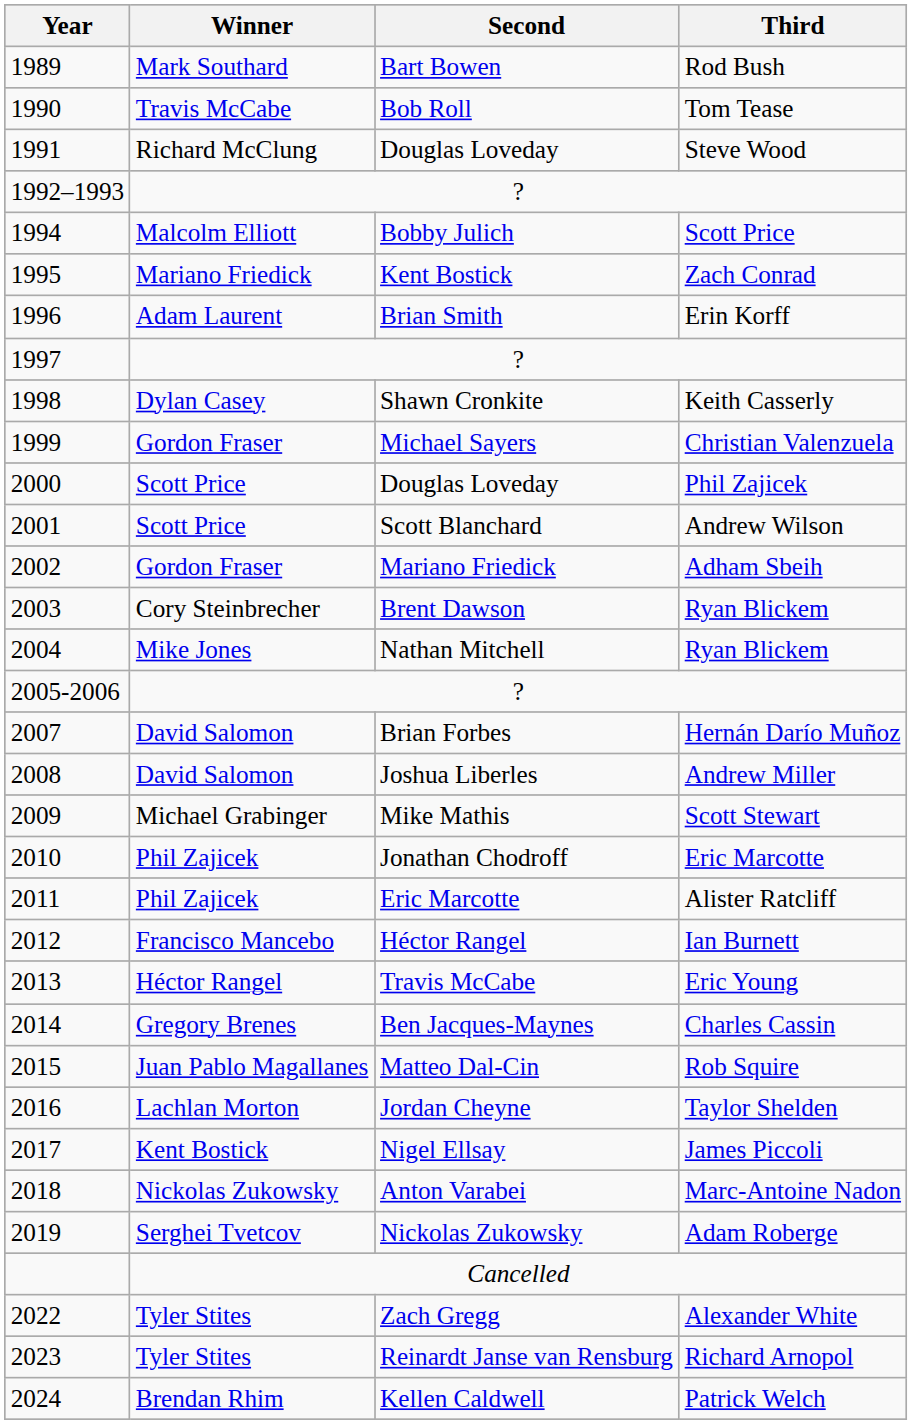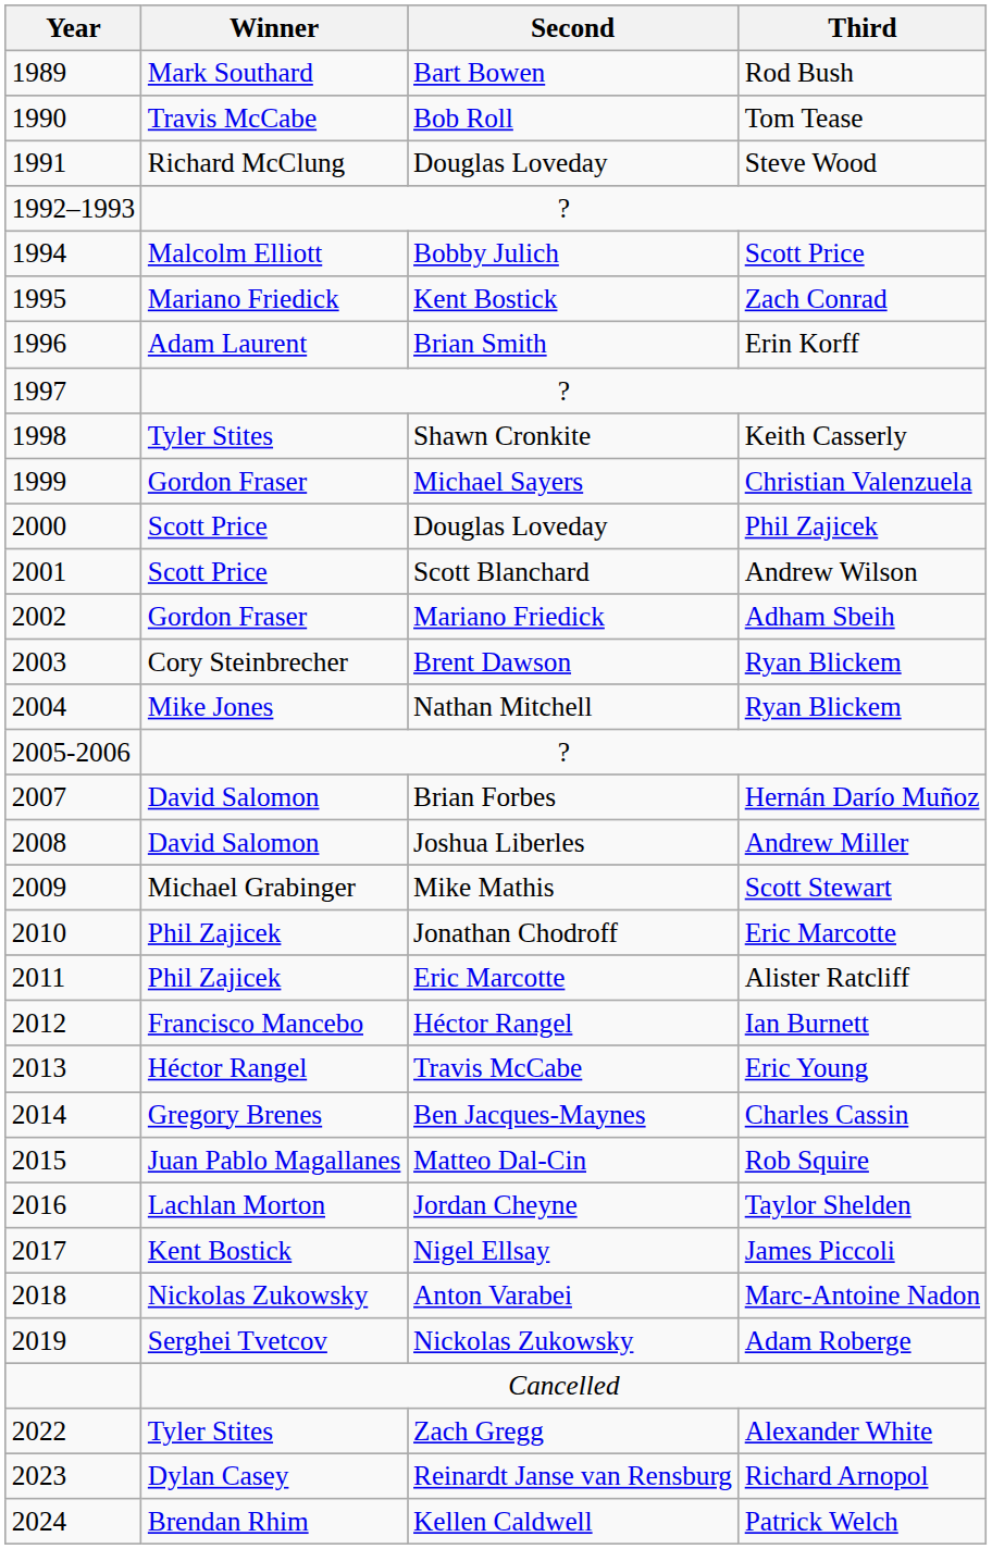 <table class="wikitable sortable" style="font-size:95%">
 <tr>
 <th>Year</th>
 <th>Winner</th>
 <th>Second</th>
 <th>Third</th>
 </tr>
 <tr>
 <td>1989</td>
 <td> <a href='#'>Mark Southard</a></td>
 <td> <a href='#'>Bart Bowen</a></td>
 <td> Rod Bush</td>
 </tr>
 <tr>
 <td>1990</td>
 <td> <a href='#'>Travis McCabe</a></td>
 <td> <a href='#'>Bob Roll</a></td>
 <td> Tom Tease</td>
 </tr>
 <tr>
 <td>1991</td>
 <td> Richard McClung</td>
 <td> Douglas Loveday</td>
 <td> Steve Wood</td>
 </tr>
 <tr>
 <td>1992–1993</td>
 <td colspan=3 align=center>?</td>
 </tr>
 <tr>
 <td>1994</td>
 <td> <a href='#'>Malcolm Elliott</a></td>
 <td> <a href='#'>Bobby Julich</a></td>
 <td> <a href='#'>Scott Price</a></td>
 </tr>
 <tr>
 <td>1995</td>
 <td> <a href='#'>Mariano Friedick</a></td>
 <td> <a href='#'>Kent Bostick</a></td>
 <td> <a href='#'>Zach Conrad</a></td>
 </tr>
 <tr>
 <td>1996</td>
 <td> <a href='#'>Adam Laurent</a></td>
 <td> <a href='#'>Brian Smith</a></td>
 <td> Erin Korff</td>
 </tr>
 <tr>
 <td>1997</td>
 <td colspan=3 align=center>?</td>
 </tr>
 <tr>
 <td>1998</td>
-<td> <a href='#'>Dylan Casey</a></td>
+<td> <a href='#'>Tyler Stites</a></td>
 <td> Shawn Cronkite</td>
 <td> Keith Casserly</td>
 </tr>
 <tr>
 <td>1999</td>
 <td> <a href='#'>Gordon Fraser</a></td>
 <td> <a href='#'>Michael Sayers</a></td>
 <td> <a href='#'>Christian Valenzuela</a></td>
 </tr>
 <tr>
 <td>2000</td>
 <td> <a href='#'>Scott Price</a></td>
 <td> Douglas Loveday</td>
 <td> <a href='#'>Phil Zajicek</a></td>
 </tr>
 <tr>
 <td>2001</td>
 <td> <a href='#'>Scott Price</a></td>
 <td> Scott Blanchard</td>
 <td> Andrew Wilson</td>
 </tr>
 <tr>
 <td>2002</td>
 <td> <a href='#'>Gordon Fraser</a></td>
 <td> <a href='#'>Mariano Friedick</a></td>
 <td> <a href='#'>Adham Sbeih</a></td>
 </tr>
 <tr>
 <td>2003</td>
 <td> Cory Steinbrecher</td>
 <td> <a href='#'>Brent Dawson</a></td>
 <td> <a href='#'>Ryan Blickem</a></td>
 </tr>
 <tr>
 <td>2004</td>
 <td> <a href='#'>Mike Jones</a></td>
 <td> Nathan Mitchell</td>
 <td> <a href='#'>Ryan Blickem</a></td>
 </tr>
 <tr>
 <td>2005-2006</td>
 <td colspan=3 align=center>?</td>
 </tr>
 <tr>
 <td>2007</td>
 <td> <a href='#'>David Salomon</a></td>
 <td> Brian Forbes</td>
 <td> <a href='#'>Hernán Darío Muñoz</a></td>
 </tr>
 <tr>
 <td>2008</td>
 <td> <a href='#'>David Salomon</a></td>
 <td> Joshua Liberles</td>
 <td> <a href='#'>Andrew Miller</a></td>
 </tr>
 <tr>
 <td>2009</td>
 <td> Michael Grabinger</td>
 <td> Mike Mathis</td>
 <td> <a href='#'>Scott Stewart</a></td>
 </tr>
 <tr>
 <td>2010</td>
 <td> <a href='#'>Phil Zajicek</a></td>
 <td> Jonathan Chodroff</td>
 <td> <a href='#'>Eric Marcotte</a></td>
 </tr>
 <tr>
 <td>2011</td>
 <td> <a href='#'>Phil Zajicek</a></td>
 <td> <a href='#'>Eric Marcotte</a></td>
 <td> Alister Ratcliff</td>
 </tr>
 <tr>
 <td>2012</td>
 <td> <a href='#'>Francisco Mancebo</a></td>
 <td> <a href='#'>Héctor Rangel</a></td>
 <td> <a href='#'>Ian Burnett</a></td>
 </tr>
 <tr>
 <td>2013</td>
 <td> <a href='#'>Héctor Rangel</a></td>
 <td> <a href='#'>Travis McCabe</a></td>
 <td> <a href='#'>Eric Young</a></td>
 </tr>
 <tr>
 <td>2014</td>
 <td> <a href='#'>Gregory Brenes</a></td>
 <td> <a href='#'>Ben Jacques-Maynes</a></td>
 <td> <a href='#'>Charles Cassin</a></td>
 </tr>
 <tr>
 <td>2015</td>
 <td> <a href='#'>Juan Pablo Magallanes</a></td>
 <td> <a href='#'>Matteo Dal-Cin</a></td>
 <td> <a href='#'>Rob Squire</a></td>
 </tr>
 <tr>
 <td>2016</td>
 <td> <a href='#'>Lachlan Morton</a></td>
 <td> <a href='#'>Jordan Cheyne</a></td>
 <td> <a href='#'>Taylor Shelden</a></td>
 </tr>
 <tr>
 <td>2017</td>
 <td> <a href='#'>Kent Bostick</a></td>
 <td> <a href='#'>Nigel Ellsay</a></td>
 <td> <a href='#'>James Piccoli</a></td>
 </tr>
 <tr>
 <td>2018</td>
 <td> <a href='#'>Nickolas Zukowsky</a></td>
 <td> <a href='#'>Anton Varabei</a></td>
 <td> <a href='#'>Marc-Antoine Nadon</a></td>
 </tr>
 <tr>
 <td>2019</td>
 <td> <a href='#'>Serghei Tvetcov</a></td>
 <td> <a href='#'>Nickolas Zukowsky</a></td>
 <td> <a href='#'>Adam Roberge</a></td>
 </tr>
 <tr>
 <td></td>
 <td colspan=3 align=center><em>Cancelled</em></td>
 </tr>
 <tr>
 <td>2022</td>
 <td> <a href='#'>Tyler Stites</a></td>
 <td> <a href='#'>Zach Gregg</a></td>
 <td> <a href='#'>Alexander White</a></td>
 </tr>
 <tr>
 <td>2023</td>
-<td> <a href='#'>Tyler Stites</a></td>
+<td> <a href='#'>Dylan Casey</a></td>
 <td> <a href='#'>Reinardt Janse van Rensburg</a></td>
 <td> <a href='#'>Richard Arnopol</a></td>
 </tr>
 <tr>
 <td>2024</td>
 <td> <a href='#'>Brendan Rhim</a></td>
 <td> <a href='#'>Kellen Caldwell</a></td>
 <td> <a href='#'>Patrick Welch</a></td>
 </tr>
 </table>
